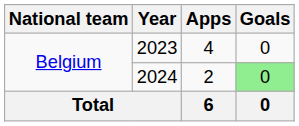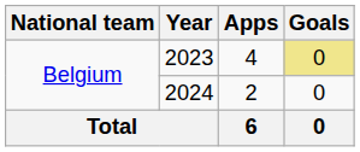 <table class="wikitable" style="text-align:center">
 <tr>
 <th>National team</th>
 <th>Year</th>
 <th>Apps</th>
 <th>Goals</th>
 </tr>
 <tr>
 <td rowspan="2"><a href='#'>Belgium</a></td>
 <td>2023</td>
 <td>4</td>
-<td>0</td>
+<td style="background: khaki;">0</td>
 </tr>
 <tr>
 <td>2024</td>
 <td>2</td>
-<td style="background: lightgreen;">0</td>
+<td>0</td>
 </tr>
 <tr>
 <th colspan="2">Total</th>
 <th>6</th>
 <th>0</th>
 </tr>
 </table>
